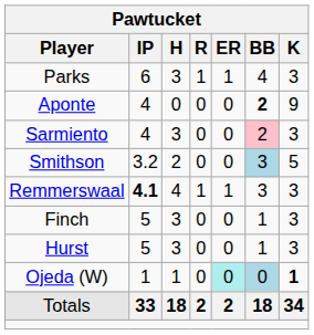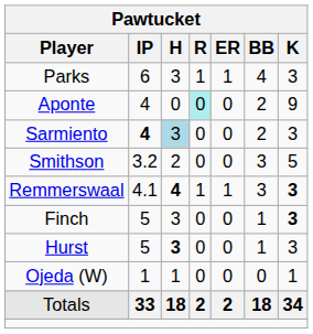 <table class="wikitable" style="float:left;">
 <tr>
 <th colspan=7>Pawtucket</th>
 </tr>
 <tr style="text-align:center;">
 <th>Player</th>
 <th>IP</th>
 <th>H</th>
 <th>R</th>
 <th>ER</th>
 <th>BB</th>
 <th>K</th>
 </tr>
 <tr style="text-align:center;">
 <td align=center>Parks</td>
 <td>6</td>
 <td>3</td>
 <td>1</td>
 <td>1</td>
 <td>4</td>
 <td>3</td>
 </tr>
 <tr style="text-align:center;">
 <td align=center><a href='#'>Aponte</a></td>
 <td>4</td>
 <td>0</td>
+<td style="background: paleturquoise;">0</td>
 <td>0</td>
-<td>0</td>
-<td><strong>2</strong></td>
+<td>2</td>
 <td>9</td>
 </tr>
 <tr style="text-align:center;">
 <td align=center><a href='#'>Sarmiento</a></td>
-<td>4</td>
-<td>3</td>
+<td><strong>4</strong></td>
+<td style="background: lightblue;">3</td>
 <td>0</td>
 <td>0</td>
-<td style="background: pink;">2</td>
+<td>2</td>
 <td>3</td>
 </tr>
 <tr style="text-align:center;">
 <td align=center><a href='#'>Smithson</a></td>
 <td>3.2</td>
 <td>2</td>
 <td>0</td>
 <td>0</td>
-<td style="background: lightblue;">3</td>
+<td>3</td>
 <td>5</td>
 </tr>
 <tr style="text-align:center;">
 <td align=center><a href='#'>Remmerswaal</a></td>
-<td><strong>4.1</strong></td>
-<td>4</td>
+<td>4.1</td>
+<td><strong>4</strong></td>
 <td>1</td>
 <td>1</td>
 <td>3</td>
-<td>3</td>
+<td><strong>3</strong></td>
 </tr>
 <tr style="text-align:center;">
 <td align=center>Finch</td>
 <td>5</td>
 <td>3</td>
 <td>0</td>
 <td>0</td>
 <td>1</td>
-<td>3</td>
+<td><strong>3</strong></td>
 </tr>
 <tr style="text-align:center;">
 <td align=center><a href='#'>Hurst</a></td>
 <td>5</td>
-<td>3</td>
+<td><strong>3</strong></td>
 <td>0</td>
 <td>0</td>
 <td>1</td>
 <td>3</td>
 </tr>
 <tr style="text-align:center;">
 <td align=center><a href='#'>Ojeda</a> (W)</td>
 <td>1</td>
 <td>1</td>
 <td>0</td>
-<td style="background: paleturquoise;">0</td>
-<td style="background: lightblue;">0</td>
-<td><strong>1</strong></td>
+<td>0</td>
+<td>0</td>
+<td>1</td>
 </tr>
 <tr style="text-align:center;background-color:#e6e6e6;">
 <td align=center>Totals</td>
 <th>33</th>
 <th>18</th>
 <th>2</th>
 <th>2</th>
 <th>18</th>
 <th>34</th>
 </tr>
 <tr style="text-align:left;">
 <td colspan=7></td>
 </tr>
 </table>
